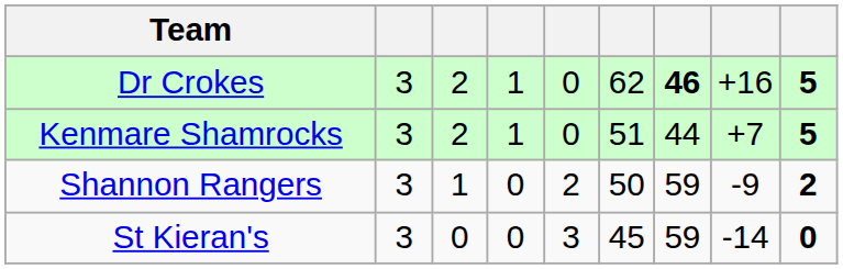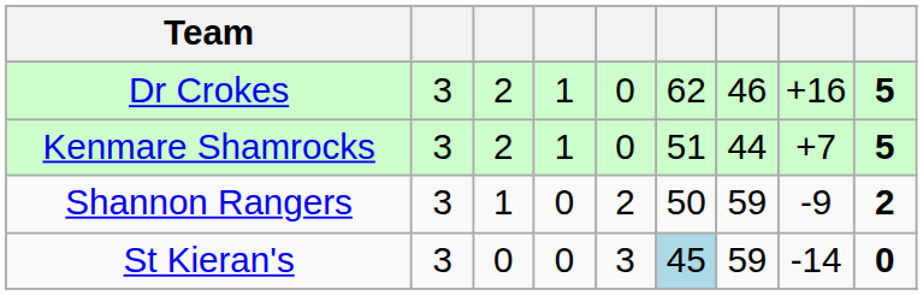 <table class="wikitable" style="text-align:center">
 <tr>
 <th style="width:175px;">Team</th>
 <th width="20"></th>
 <th width="20"></th>
 <th width="20"></th>
 <th width="20"></th>
 <th width="20"></th>
 <th width="20"></th>
 <th width="20"></th>
 <th width="20"></th>
 </tr>
 <tr style="background:#cfc;">
 <td><a href='#'>Dr Crokes</a></td>
 <td>3</td>
 <td>2</td>
 <td>1</td>
 <td>0</td>
 <td>62</td>
-<td><strong>46</strong></td>
+<td>46</td>
 <td>+16</td>
 <td><strong>5</strong></td>
 </tr>
 <tr style="background:#cfc;">
 <td><a href='#'>Kenmare Shamrocks</a></td>
 <td>3</td>
 <td>2</td>
 <td>1</td>
 <td>0</td>
 <td>51</td>
 <td>44</td>
 <td>+7</td>
 <td><strong>5</strong></td>
 </tr>
 <tr>
 <td><a href='#'>Shannon Rangers</a></td>
 <td>3</td>
 <td>1</td>
 <td>0</td>
 <td>2</td>
 <td>50</td>
 <td>59</td>
 <td>-9</td>
 <td><strong>2</strong></td>
 </tr>
 <tr>
 <td><a href='#'>St Kieran's</a></td>
 <td>3</td>
 <td>0</td>
 <td>0</td>
 <td>3</td>
-<td>45</td>
+<td style="background: lightblue;">45</td>
 <td>59</td>
 <td>-14</td>
 <td><strong>0</strong></td>
 </tr>
 </table>
